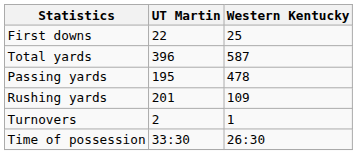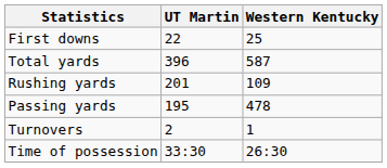 <table class="wikitable">
 <tr>
 <th>Statistics</th>
 <th>UT Martin</th>
 <th>Western Kentucky</th>
 </tr>
 <tr>
 <td>First downs</td>
 <td>22</td>
 <td>25</td>
 </tr>
 <tr>
 <td>Total yards</td>
 <td>396</td>
 <td>587</td>
 </tr>
 <tr>
+<td>Rushing yards</td>
+<td>201</td>
+<td>109</td>
+</tr>
+<tr>
 <td>Passing yards</td>
 <td>195</td>
 <td>478</td>
-</tr>
-<tr>
-<td>Rushing yards</td>
-<td>201</td>
-<td>109</td>
 </tr>
 <tr>
 <td>Turnovers</td>
 <td>2</td>
 <td>1</td>
 </tr>
 <tr>
 <td>Time of possession</td>
 <td>33:30</td>
 <td>26:30</td>
 </tr>
 <tr>
 </tr>
 </table>
